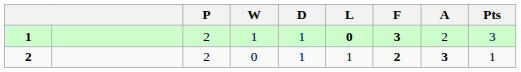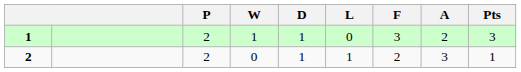 <table class="wikitable">
 <tr>
 <th colspan="2"></th>
 <th rowspan="1">P</th>
 <th rowspan="1">W</th>
 <th colspan="1">D</th>
 <th colspan="1">L</th>
 <th colspan="1">F</th>
 <th colspan="1">A</th>
 <th colspan="1">Pts</th>
 </tr>
 <tr style="background:#ccffcc;">
 <td align=center width="50"><strong>1</strong></td>
 <td width="150"><strong></strong></td>
 <td align=center width="50">2</td>
 <td align=center width="50">1</td>
 <td align=center width="50">1</td>
-<td align=center width="50"><strong>0</strong></td>
-<td align=center width="50"><strong>3</strong></td>
+<td align=center width="50">0</td>
+<td align=center width="50">3</td>
 <td align=center width="50">2</td>
 <td align=center width="50">3</td>
 </tr>
 <tr>
 <td align=center><strong>2</strong></td>
 <td></td>
 <td align=center>2</td>
 <td align=center>0</td>
 <td align=center>1</td>
 <td align=center>1</td>
-<td align=center><strong>2</strong></td>
-<td align=center><strong>3</strong></td>
+<td align=center>2</td>
+<td align=center>3</td>
 <td align=center>1</td>
 </tr>
 </table>
